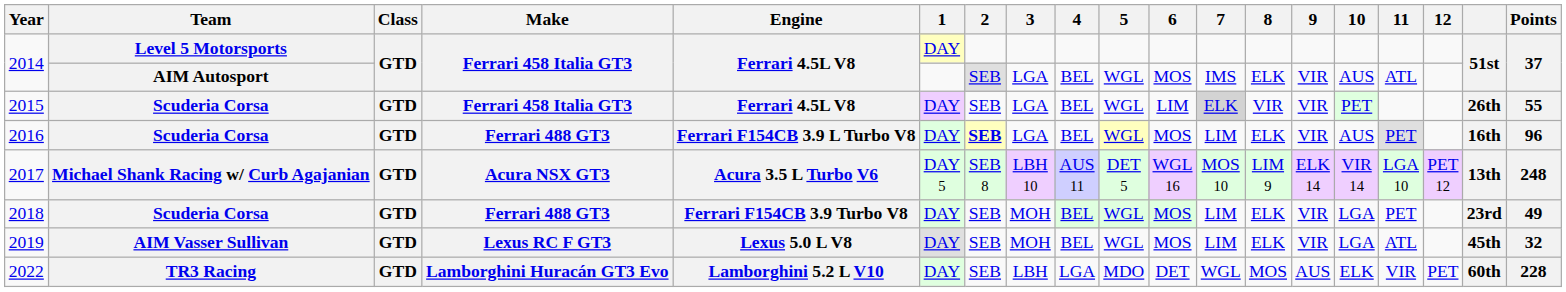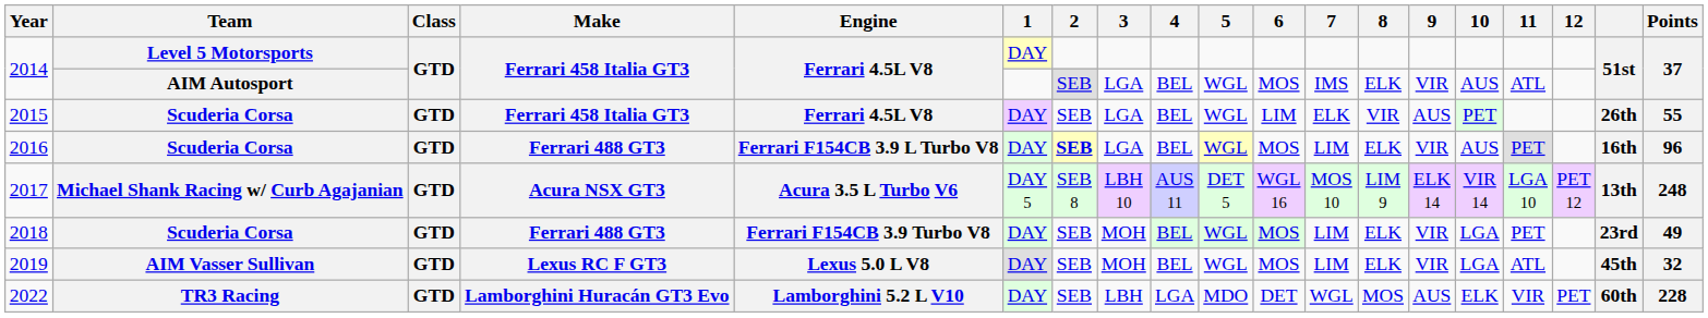 <table class="wikitable" style="text-align:center; font-size:90%">
 <tr>
 <th>Year</th>
 <th>Team</th>
 <th>Class</th>
 <th>Make</th>
 <th>Engine</th>
 <th>1</th>
 <th>2</th>
 <th>3</th>
 <th>4</th>
 <th>5</th>
 <th>6</th>
 <th>7</th>
 <th>8</th>
 <th>9</th>
 <th>10</th>
 <th>11</th>
 <th>12</th>
 <th></th>
 <th>Points</th>
 </tr>
 <tr>
 <td rowspan=2><a href='#'>2014</a></td>
 <th><a href='#'>Level 5 Motorsports</a></th>
 <th rowspan=2>GTD</th>
 <th rowspan=2><a href='#'>Ferrari 458 Italia GT3</a></th>
 <th rowspan=2><a href='#'>Ferrari</a> 4.5L V8</th>
 <td style="background:#ffffbf;"><a href='#'>DAY</a><br></td>
 <td></td>
 <td></td>
 <td></td>
 <td></td>
 <td></td>
 <td></td>
 <td></td>
 <td></td>
 <td></td>
 <td></td>
 <td></td>
 <th rowspan=2>51st</th>
 <th rowspan=2>37</th>
 </tr>
 <tr>
 <th>AIM Autosport</th>
 <td></td>
 <td style="background:#dfdfdf;"><a href='#'>SEB</a><br></td>
 <td><a href='#'>LGA</a><br></td>
 <td><a href='#'>BEL</a><br></td>
 <td><a href='#'>WGL</a><br></td>
 <td><a href='#'>MOS</a><br></td>
 <td><a href='#'>IMS</a><br></td>
 <td><a href='#'>ELK</a><br></td>
 <td><a href='#'>VIR</a><br></td>
 <td><a href='#'>AUS</a><br></td>
 <td><a href='#'>ATL</a><br></td>
 </tr>
 <tr>
 <td><a href='#'>2015</a></td>
 <th><a href='#'>Scuderia Corsa</a></th>
 <th>GTD</th>
 <th><a href='#'>Ferrari 458 Italia GT3</a></th>
 <th><a href='#'>Ferrari</a> 4.5L V8</th>
 <td style="background:#EFCFFF;"><a href='#'>DAY</a><br></td>
 <td><a href='#'>SEB</a><br></td>
 <td><a href='#'>LGA</a><br></td>
 <td><a href='#'>BEL</a><br></td>
 <td><a href='#'>WGL</a><br></td>
 <td><a href='#'>LIM</a><br></td>
-<td style="background: lightgrey;"><a href='#'>ELK</a><br></td>
+<td><a href='#'>ELK</a><br></td>
 <td><a href='#'>VIR</a><br></td>
-<td><a href='#'>VIR</a><br></td>
+<td><a href='#'>AUS</a><br></td>
 <td style="background:#DFFFDF;"><a href='#'>PET</a><br></td>
 <td></td>
 <td></td>
 <th>26th</th>
 <th>55</th>
 </tr>
 <tr>
 <td><a href='#'>2016</a></td>
 <th><a href='#'>Scuderia Corsa</a></th>
 <th>GTD</th>
 <th><a href='#'>Ferrari 488 GT3</a></th>
 <th><a href='#'>Ferrari F154CB</a> 3.9 L Turbo V8</th>
 <td style="background:#DFFFDF;"><a href='#'>DAY</a><br></td>
 <td style="background:#FFFFBF;"><strong><a href='#'>SEB</a><br></strong></td>
 <td><a href='#'>LGA</a><br></td>
 <td><a href='#'>BEL</a><br></td>
 <td style="background:#FFFFBF;"><a href='#'>WGL</a><br></td>
 <td><a href='#'>MOS</a><br></td>
 <td><a href='#'>LIM</a><br></td>
 <td><a href='#'>ELK</a><br></td>
 <td><a href='#'>VIR</a><br></td>
 <td><a href='#'>AUS</a><br></td>
 <td style="background:#DFDFDF;"><a href='#'>PET</a><br></td>
 <td></td>
 <th>16th</th>
 <th>96</th>
 </tr>
 <tr>
 <td><a href='#'>2017</a></td>
 <th><a href='#'>Michael Shank Racing</a> w/ <a href='#'>Curb Agajanian</a></th>
 <th>GTD</th>
 <th><a href='#'>Acura NSX GT3</a></th>
 <th><a href='#'>Acura</a> 3.5 L <a href='#'>Turbo</a> <a href='#'>V6</a></th>
 <td style="background:#DFFFDF;"><a href='#'>DAY</a><br><small>5</small></td>
 <td style="background:#DFFFDF;"><a href='#'>SEB</a><br><small>8</small></td>
 <td style="background:#EFCFFF;"><a href='#'>LBH</a><br><small>10</small></td>
 <td style="background:#CFCFFF;"><a href='#'>AUS</a><br><small>11</small></td>
 <td style="background:#DFFFDF;"><a href='#'>DET</a><br><small>5</small></td>
 <td style="background:#EFCFFF;"><a href='#'>WGL</a><br><small>16</small></td>
 <td style="background:#DFFFDF;"><a href='#'>MOS</a><br><small>10</small></td>
 <td style="background:#DFFFDF;"><a href='#'>LIM</a><br><small>9</small></td>
 <td style="background:#EFCFFF;"><a href='#'>ELK</a><br><small>14</small></td>
 <td style="background:#EFCFFF;"><a href='#'>VIR</a><br><small>14</small></td>
 <td style="background:#DFFFDF;"><a href='#'>LGA</a><br><small>10</small></td>
 <td style="background:#EFCFFF;"><a href='#'>PET</a><br><small>12</small></td>
 <th>13th</th>
 <th>248</th>
 </tr>
 <tr>
 <td><a href='#'>2018</a></td>
 <th><a href='#'>Scuderia Corsa</a></th>
 <th>GTD</th>
 <th><a href='#'>Ferrari 488 GT3</a></th>
 <th><a href='#'>Ferrari F154CB</a> 3.9 Turbo V8</th>
 <td style="background:#DFFFDF;"><a href='#'>DAY</a><br></td>
 <td><a href='#'>SEB</a><br></td>
 <td><a href='#'>MOH</a><br></td>
 <td style="background:#DFFFDF;"><a href='#'>BEL</a><br></td>
 <td style="background:#DFFFDF;"><a href='#'>WGL</a><br></td>
 <td style="background:#DFFFDF;"><a href='#'>MOS</a><br></td>
 <td><a href='#'>LIM</a><br></td>
 <td><a href='#'>ELK</a><br></td>
 <td><a href='#'>VIR</a><br></td>
 <td><a href='#'>LGA</a><br></td>
 <td><a href='#'>PET</a><br></td>
 <td></td>
 <th>23rd</th>
 <th>49</th>
 </tr>
 <tr>
 <td><a href='#'>2019</a></td>
 <th><a href='#'>AIM Vasser Sullivan</a></th>
 <th>GTD</th>
 <th><a href='#'>Lexus RC F GT3</a></th>
 <th><a href='#'>Lexus</a> 5.0 L V8</th>
 <td style="background:#dfdfdf;"><a href='#'>DAY</a><br></td>
 <td><a href='#'>SEB</a></td>
 <td><a href='#'>MOH</a></td>
 <td><a href='#'>BEL</a></td>
 <td><a href='#'>WGL</a></td>
 <td><a href='#'>MOS</a></td>
 <td><a href='#'>LIM</a></td>
 <td><a href='#'>ELK</a></td>
 <td><a href='#'>VIR</a></td>
 <td><a href='#'>LGA</a></td>
 <td><a href='#'>ATL</a></td>
 <td></td>
 <th>45th</th>
 <th>32</th>
 </tr>
 <tr>
 <td><a href='#'>2022</a></td>
 <th><a href='#'>TR3 Racing</a></th>
 <th>GTD</th>
 <th><a href='#'>Lamborghini Huracán GT3 Evo</a></th>
 <th><a href='#'>Lamborghini</a> 5.2 L <a href='#'>V10</a></th>
 <td style="background:#DFFFDF;"><a href='#'>DAY</a><br></td>
 <td style="background:"><a href='#'>SEB</a><br></td>
 <td style="background:"><a href='#'>LBH</a><br></td>
 <td style="background:"><a href='#'>LGA</a><br></td>
 <td style="background:"><a href='#'>MDO</a><br></td>
 <td style="background:"><a href='#'>DET</a><br></td>
 <td style="background:"><a href='#'>WGL</a><br></td>
 <td style="background:"><a href='#'>MOS</a><br></td>
 <td><a href='#'>AUS</a><br></td>
 <td style="background:"><a href='#'>ELK</a><br></td>
 <td style="background:"><a href='#'>VIR</a><br></td>
 <td style="background:"><a href='#'>PET</a><br></td>
 <th>60th</th>
 <th>228</th>
 </tr>
 </table>
